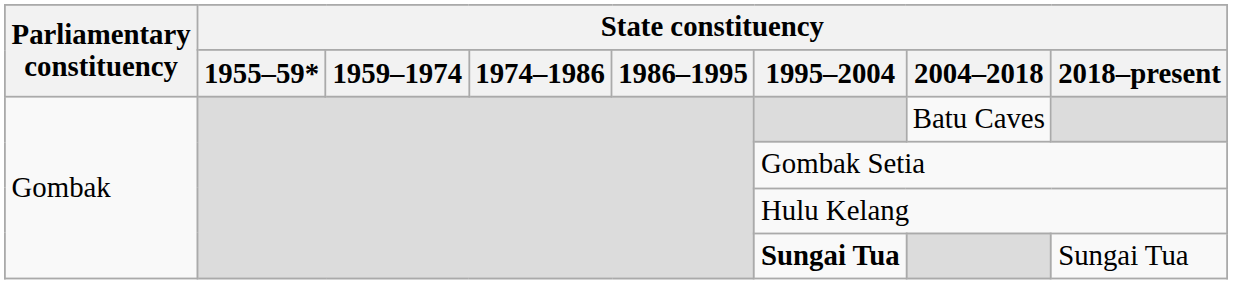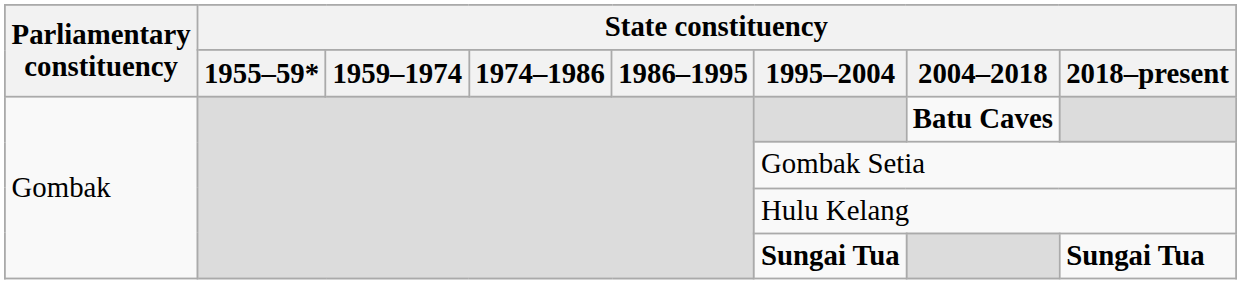 <table class="wikitable">
 <tr>
 <th rowspan="2">Parliamentary<br>constituency</th>
 <th colspan="7">State constituency</th>
 </tr>
 <tr>
 <th>1955–59*</th>
 <th>1959–1974</th>
 <th>1974–1986</th>
 <th>1986–1995</th>
 <th>1995–2004</th>
 <th>2004–2018</th>
 <th>2018–present</th>
 </tr>
 <tr>
 <td rowspan="4">Gombak</td>
 <td colspan="4" rowspan="4" bgcolor="dcdcdc"></td>
 <td bgcolor="dcdcdc"></td>
-<td>Batu Caves</td>
+<td><strong>Batu Caves</strong></td>
 <td bgcolor="dcdcdc"></td>
 </tr>
 <tr>
 <td colspan="3">Gombak Setia</td>
 </tr>
 <tr>
 <td colspan="3">Hulu Kelang</td>
 </tr>
 <tr>
 <td><strong>Sungai Tua</strong></td>
 <td bgcolor="dcdcdc"></td>
-<td>Sungai Tua</td>
+<td><strong>Sungai Tua</strong></td>
 </tr>
 </table>
